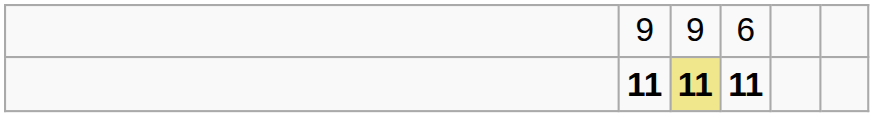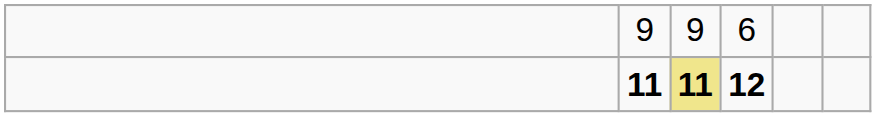 <table class="wikitable">
 <tr>
 <td style="width:18em"></td>
 <td align=center style="width:1em">9</td>
 <td align=center style="width:1em">9</td>
 <td align=center style="width:1em">6</td>
 <td align=center style="width:1em"></td>
 <td align=center style="width:1em"></td>
 </tr>
 <tr>
 <td style="width:18em"></td>
 <td align=center style="width:1em"><strong>11</strong></td>
 <td align=center style="background: khaki; width:1em"><strong>11</strong></td>
-<td align=center style="width:1em"><strong>11</strong></td>
+<td align=center style="width:1em"><strong>12</strong></td>
 <td align=center style="width:1em"></td>
 <td align=center style="width:1em"></td>
 </tr>
 </table>
